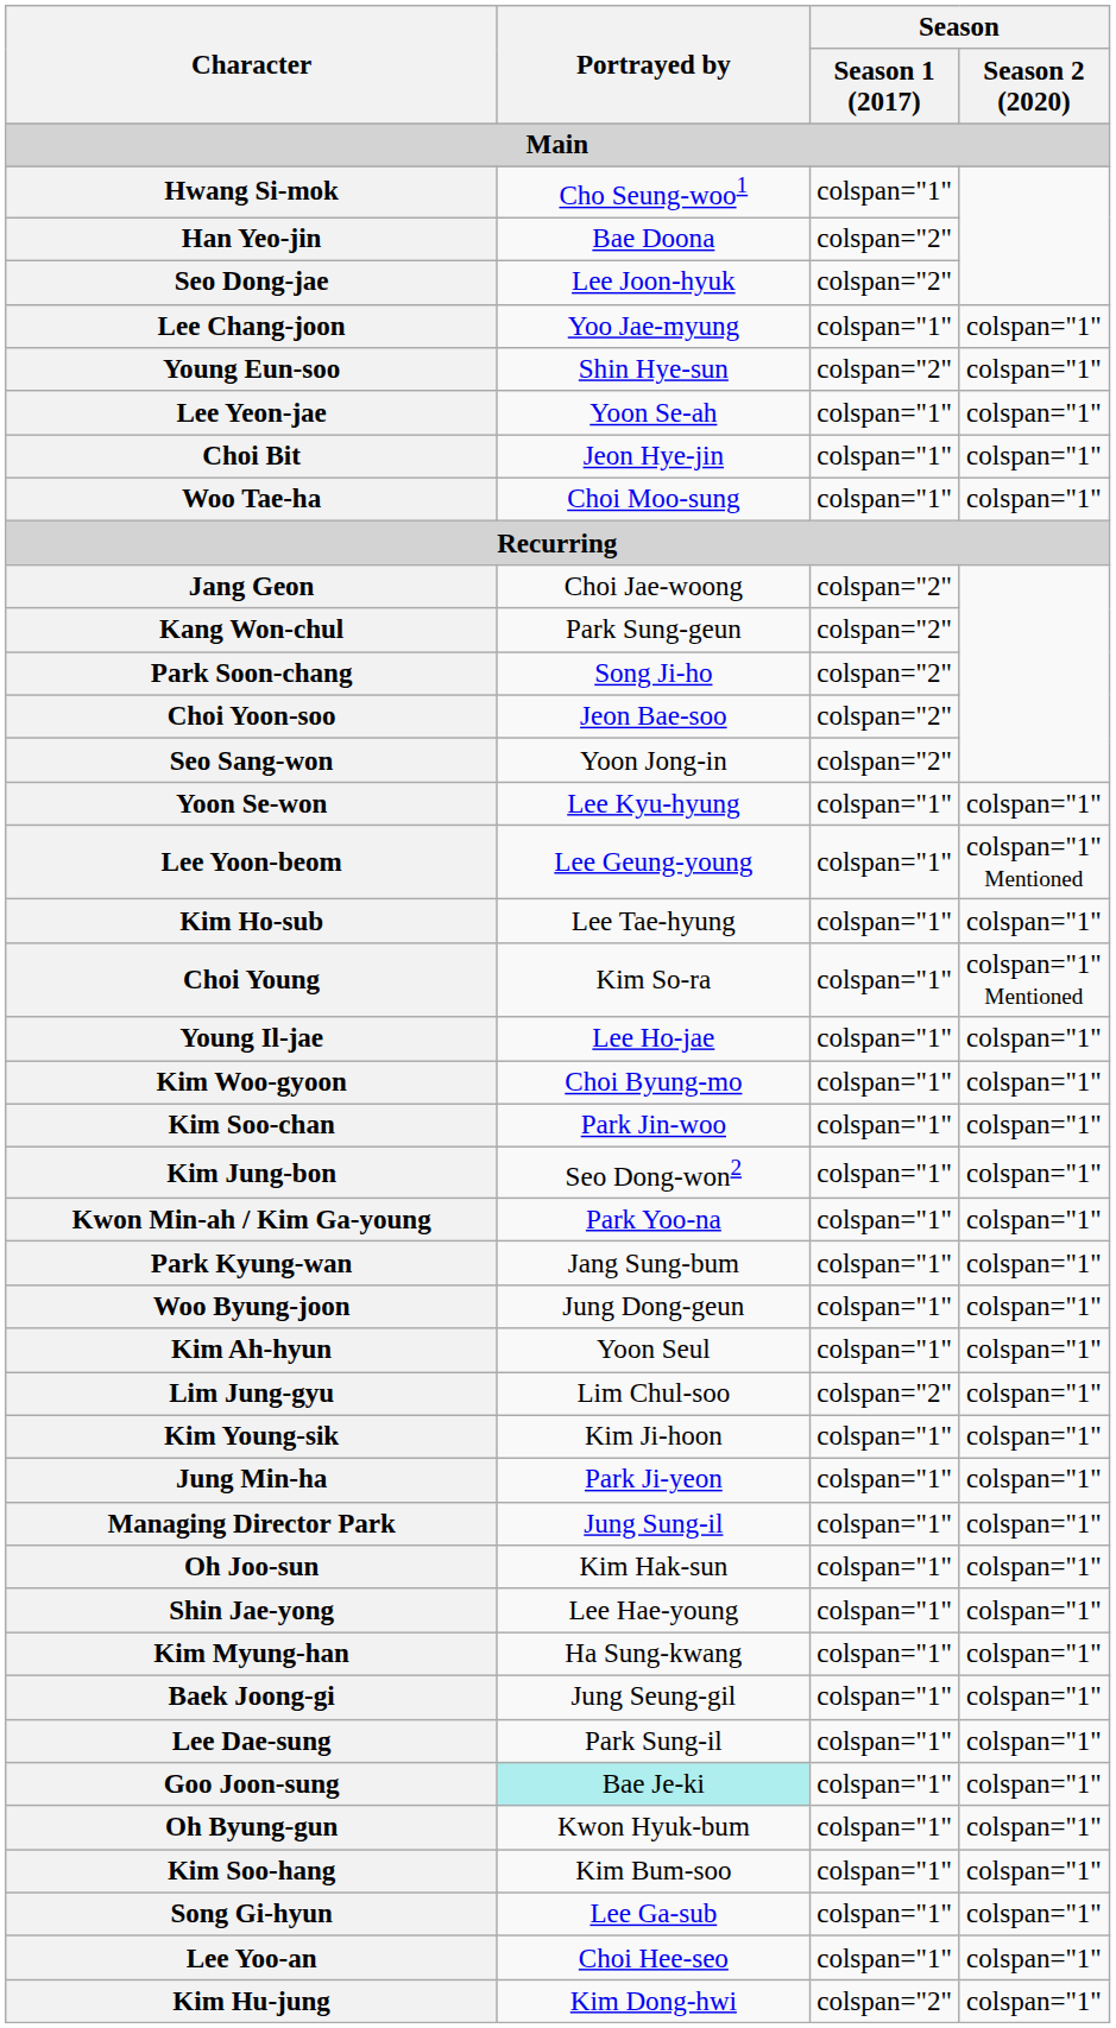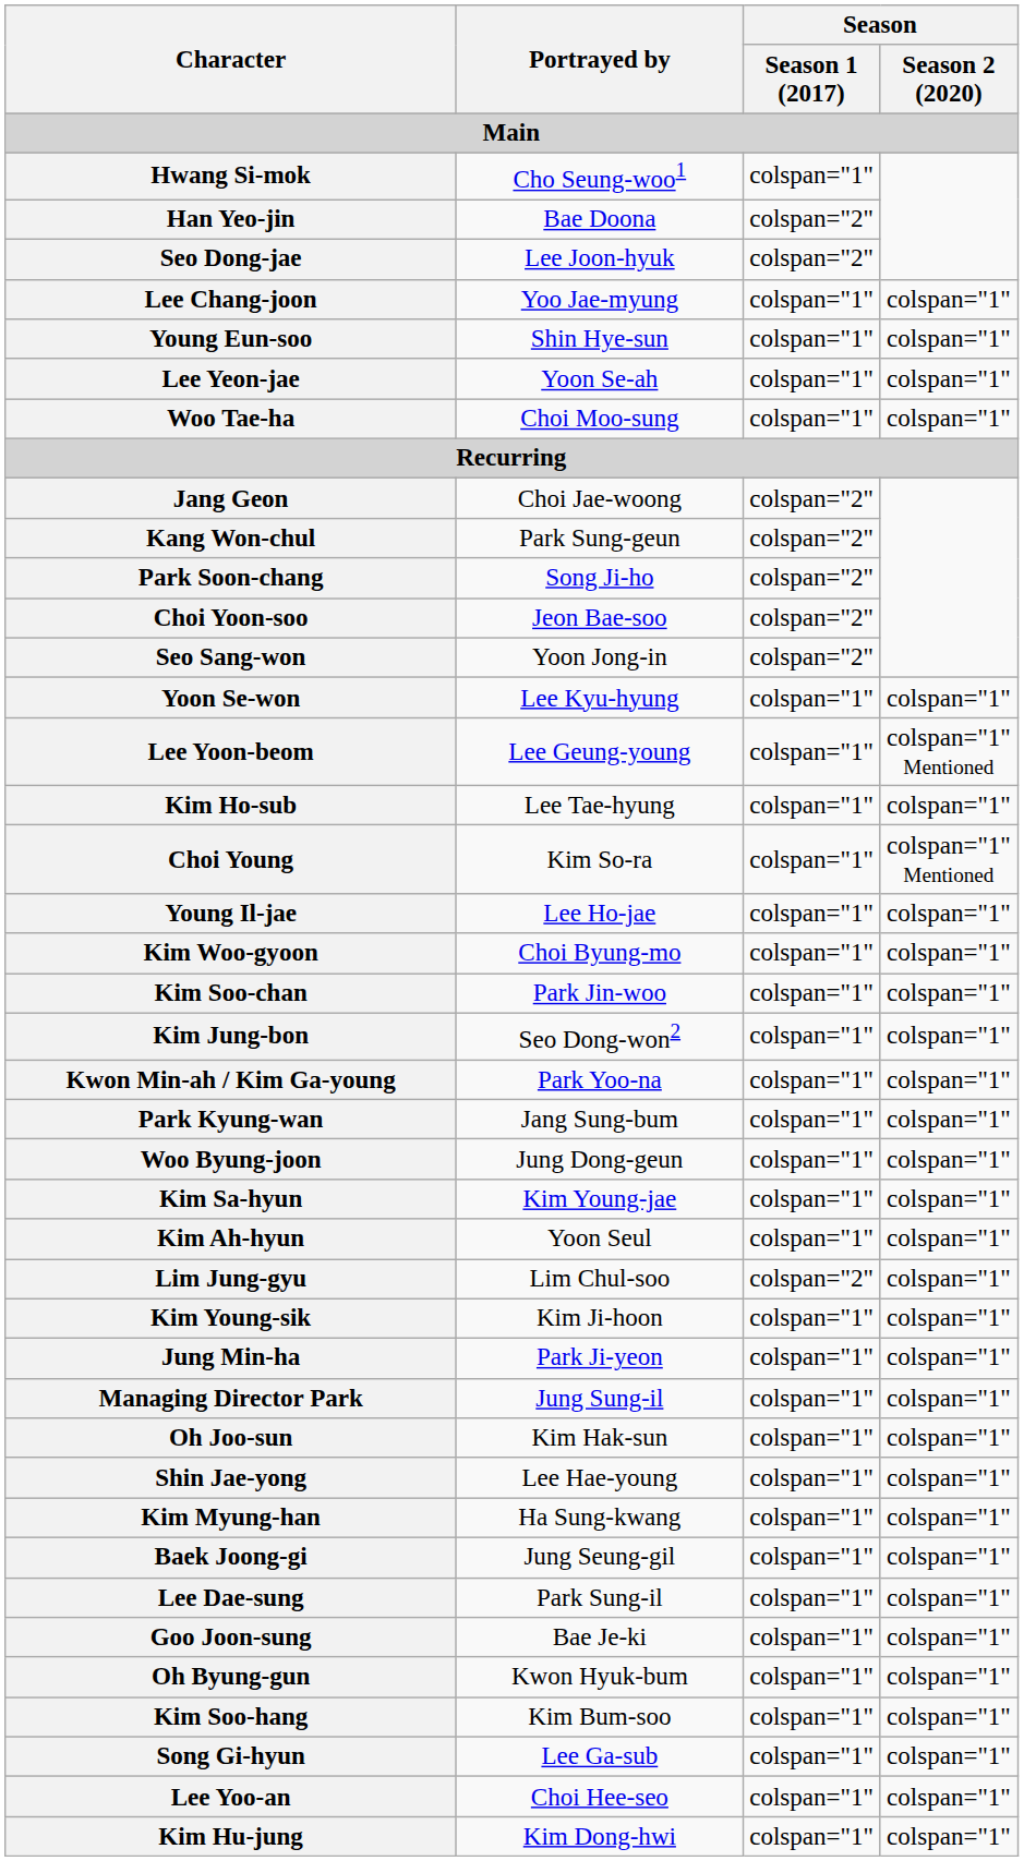 <table class="wikitable" style="text-align:center;">
 <tr>
 <th rowspan="2" style="width:280px;">Character</th>
 <th style="width:175px;" rowspan="2">Portrayed by</th>
 <th colspan="2">Season</th>
 </tr>
 <tr>
 <th style="width:80px;">Season 1<br>(2017)</th>
 <th style="width:80px;">Season 2<br>(2020)</th>
 </tr>
 <tr>
 <th colspan="4" style="background:lightgrey;"><strong>Main</strong></th>
 </tr>
 <tr>
 <th>Hwang Si-mok</th>
 <td><a href='#'>Cho Seung-woo</a><sup><a href='#'>1</a></sup></td>
 <td>colspan="1" </td>
 </tr>
 <tr>
 <th>Han Yeo-jin</th>
 <td><a href='#'>Bae Doona</a></td>
 <td>colspan="2" </td>
 </tr>
 <tr>
 <th>Seo Dong-jae</th>
 <td><a href='#'>Lee Joon-hyuk</a></td>
 <td>colspan="2" </td>
 </tr>
 <tr>
 <th>Lee Chang-joon</th>
 <td><a href='#'>Yoo Jae-myung</a></td>
 <td>colspan="1" </td>
 <td>colspan="1" </td>
 </tr>
 <tr>
 <th>Young Eun-soo</th>
 <td><a href='#'>Shin Hye-sun</a></td>
-<td>colspan="2" </td>
+<td>colspan="1" </td>
 <td>colspan="1" </td>
 </tr>
 <tr>
 <th>Lee Yeon-jae</th>
 <td><a href='#'>Yoon Se-ah</a></td>
-<td>colspan="1" </td>
-<td>colspan="1" </td>
-</tr>
-<tr>
-<th>Choi Bit</th>
-<td><a href='#'>Jeon Hye-jin</a></td>
 <td>colspan="1" </td>
 <td>colspan="1" </td>
 </tr>
 <tr>
 <th>Woo Tae-ha</th>
 <td><a href='#'>Choi Moo-sung</a></td>
 <td>colspan="1" </td>
 <td>colspan="1" </td>
 </tr>
 <tr>
 <th colspan="4" style="background:lightgrey;"><strong>Recurring</strong></th>
 </tr>
 <tr>
 <th>Jang Geon</th>
 <td>Choi Jae-woong</td>
 <td>colspan="2" </td>
 </tr>
 <tr>
 <th>Kang Won-chul</th>
 <td>Park Sung-geun</td>
 <td>colspan="2" </td>
 </tr>
 <tr>
 <th>Park Soon-chang</th>
 <td><a href='#'>Song Ji-ho</a></td>
 <td>colspan="2" </td>
 </tr>
 <tr>
 <th>Choi Yoon-soo</th>
 <td><a href='#'>Jeon Bae-soo</a></td>
 <td>colspan="2" </td>
 </tr>
 <tr>
 <th>Seo Sang-won</th>
 <td>Yoon Jong-in</td>
 <td>colspan="2" </td>
 </tr>
 <tr>
 <th>Yoon Se-won</th>
 <td><a href='#'>Lee Kyu-hyung</a></td>
 <td>colspan="1" </td>
 <td>colspan="1" </td>
 </tr>
 <tr>
 <th>Lee Yoon-beom</th>
 <td><a href='#'>Lee Geung-young</a></td>
 <td>colspan="1" </td>
 <td>colspan="1" <small>Mentioned</small></td>
 </tr>
 <tr>
 <th>Kim Ho-sub</th>
 <td>Lee Tae-hyung</td>
 <td>colspan="1" </td>
 <td>colspan="1" </td>
 </tr>
 <tr>
 <th>Choi Young</th>
 <td>Kim So-ra</td>
 <td>colspan="1" </td>
 <td>colspan="1" <small>Mentioned</small></td>
 </tr>
 <tr>
 <th>Young Il-jae</th>
 <td><a href='#'>Lee Ho-jae</a></td>
 <td>colspan="1" </td>
 <td>colspan="1" </td>
 </tr>
 <tr>
 <th>Kim Woo-gyoon</th>
 <td><a href='#'>Choi Byung-mo</a></td>
 <td>colspan="1" </td>
 <td>colspan="1" </td>
 </tr>
 <tr>
 <th>Kim Soo-chan</th>
 <td><a href='#'>Park Jin-woo</a></td>
 <td>colspan="1" </td>
 <td>colspan="1" </td>
 </tr>
 <tr>
 <th>Kim Jung-bon</th>
 <td>Seo Dong-won<sup><a href='#'>2</a></sup></td>
 <td>colspan="1" </td>
 <td>colspan="1" </td>
 </tr>
 <tr>
 <th>Kwon Min-ah / Kim Ga-young</th>
 <td><a href='#'>Park Yoo-na</a></td>
 <td>colspan="1" </td>
 <td>colspan="1" </td>
 </tr>
 <tr>
 <th>Park Kyung-wan</th>
 <td>Jang Sung-bum</td>
 <td>colspan="1" </td>
 <td>colspan="1" </td>
 </tr>
 <tr>
 <th>Woo Byung-joon</th>
 <td>Jung Dong-geun</td>
 <td>colspan="1" </td>
 <td>colspan="1" </td>
 </tr>
 <tr>
+<th>Kim Sa-hyun</th>
+<td><a href='#'>Kim Young-jae</a></td>
+<td>colspan="1" </td>
+<td>colspan="1" </td>
+</tr>
+<tr>
 <th>Kim Ah-hyun</th>
 <td>Yoon Seul</td>
 <td>colspan="1" </td>
 <td>colspan="1" </td>
 </tr>
 <tr>
 <th>Lim Jung-gyu</th>
 <td>Lim Chul-soo</td>
 <td>colspan="2" </td>
 <td>colspan="1" </td>
 </tr>
 <tr>
 <th>Kim Young-sik</th>
 <td>Kim Ji-hoon</td>
 <td>colspan="1" </td>
 <td>colspan="1" </td>
 </tr>
 <tr>
 <th>Jung Min-ha</th>
 <td><a href='#'>Park Ji-yeon</a></td>
 <td>colspan="1" </td>
 <td>colspan="1" </td>
 </tr>
 <tr>
 <th>Managing Director Park</th>
 <td><a href='#'>Jung Sung-il</a></td>
 <td>colspan="1" </td>
 <td>colspan="1" </td>
 </tr>
 <tr>
 <th>Oh Joo-sun</th>
 <td>Kim Hak-sun</td>
 <td>colspan="1" </td>
 <td>colspan="1" </td>
 </tr>
 <tr>
 <th>Shin Jae-yong</th>
 <td>Lee Hae-young</td>
 <td>colspan="1" </td>
 <td>colspan="1" </td>
 </tr>
 <tr>
 <th>Kim Myung-han</th>
 <td>Ha Sung-kwang</td>
 <td>colspan="1" </td>
 <td>colspan="1" </td>
 </tr>
 <tr>
 <th>Baek Joong-gi</th>
 <td>Jung Seung-gil</td>
 <td>colspan="1" </td>
 <td>colspan="1" </td>
 </tr>
 <tr>
 <th>Lee Dae-sung</th>
 <td>Park Sung-il</td>
 <td>colspan="1" </td>
 <td>colspan="1" </td>
 </tr>
 <tr>
 <th>Goo Joon-sung</th>
-<td style="background: paleturquoise;">Bae Je-ki</td>
+<td>Bae Je-ki</td>
 <td>colspan="1" </td>
 <td>colspan="1" </td>
 </tr>
 <tr>
 <th>Oh Byung-gun</th>
 <td>Kwon Hyuk-bum</td>
 <td>colspan="1" </td>
 <td>colspan="1" </td>
 </tr>
 <tr>
 <th>Kim Soo-hang</th>
 <td>Kim Bum-soo</td>
 <td>colspan="1" </td>
 <td>colspan="1" </td>
 </tr>
 <tr>
 <th>Song Gi-hyun</th>
 <td><a href='#'>Lee Ga-sub</a></td>
 <td>colspan="1" </td>
 <td>colspan="1" </td>
 </tr>
 <tr>
 <th>Lee Yoo-an</th>
 <td><a href='#'>Choi Hee-seo</a></td>
 <td>colspan="1" </td>
 <td>colspan="1" </td>
 </tr>
 <tr>
 <th>Kim Hu-jung</th>
 <td><a href='#'>Kim Dong-hwi</a></td>
-<td>colspan="2" </td>
+<td>colspan="1" </td>
 <td>colspan="1" </td>
 </tr>
 </table>
